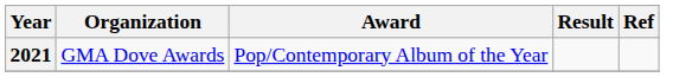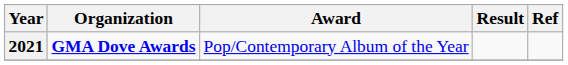 <table class="wikitable plainrowheaders">
 <tr>
 <th>Year</th>
 <th>Organization</th>
 <th>Award</th>
 <th>Result</th>
 <th>Ref</th>
 </tr>
 <tr>
 <th scope="row">2021</th>
-<td><a href='#'>GMA Dove Awards</a></td>
+<td><strong><a href='#'>GMA Dove Awards</a></strong></td>
 <td><a href='#'>Pop/Contemporary Album of the Year</a></td>
 <td></td>
 <td></td>
 </tr>
 <tr>
 </tr>
 </table>
